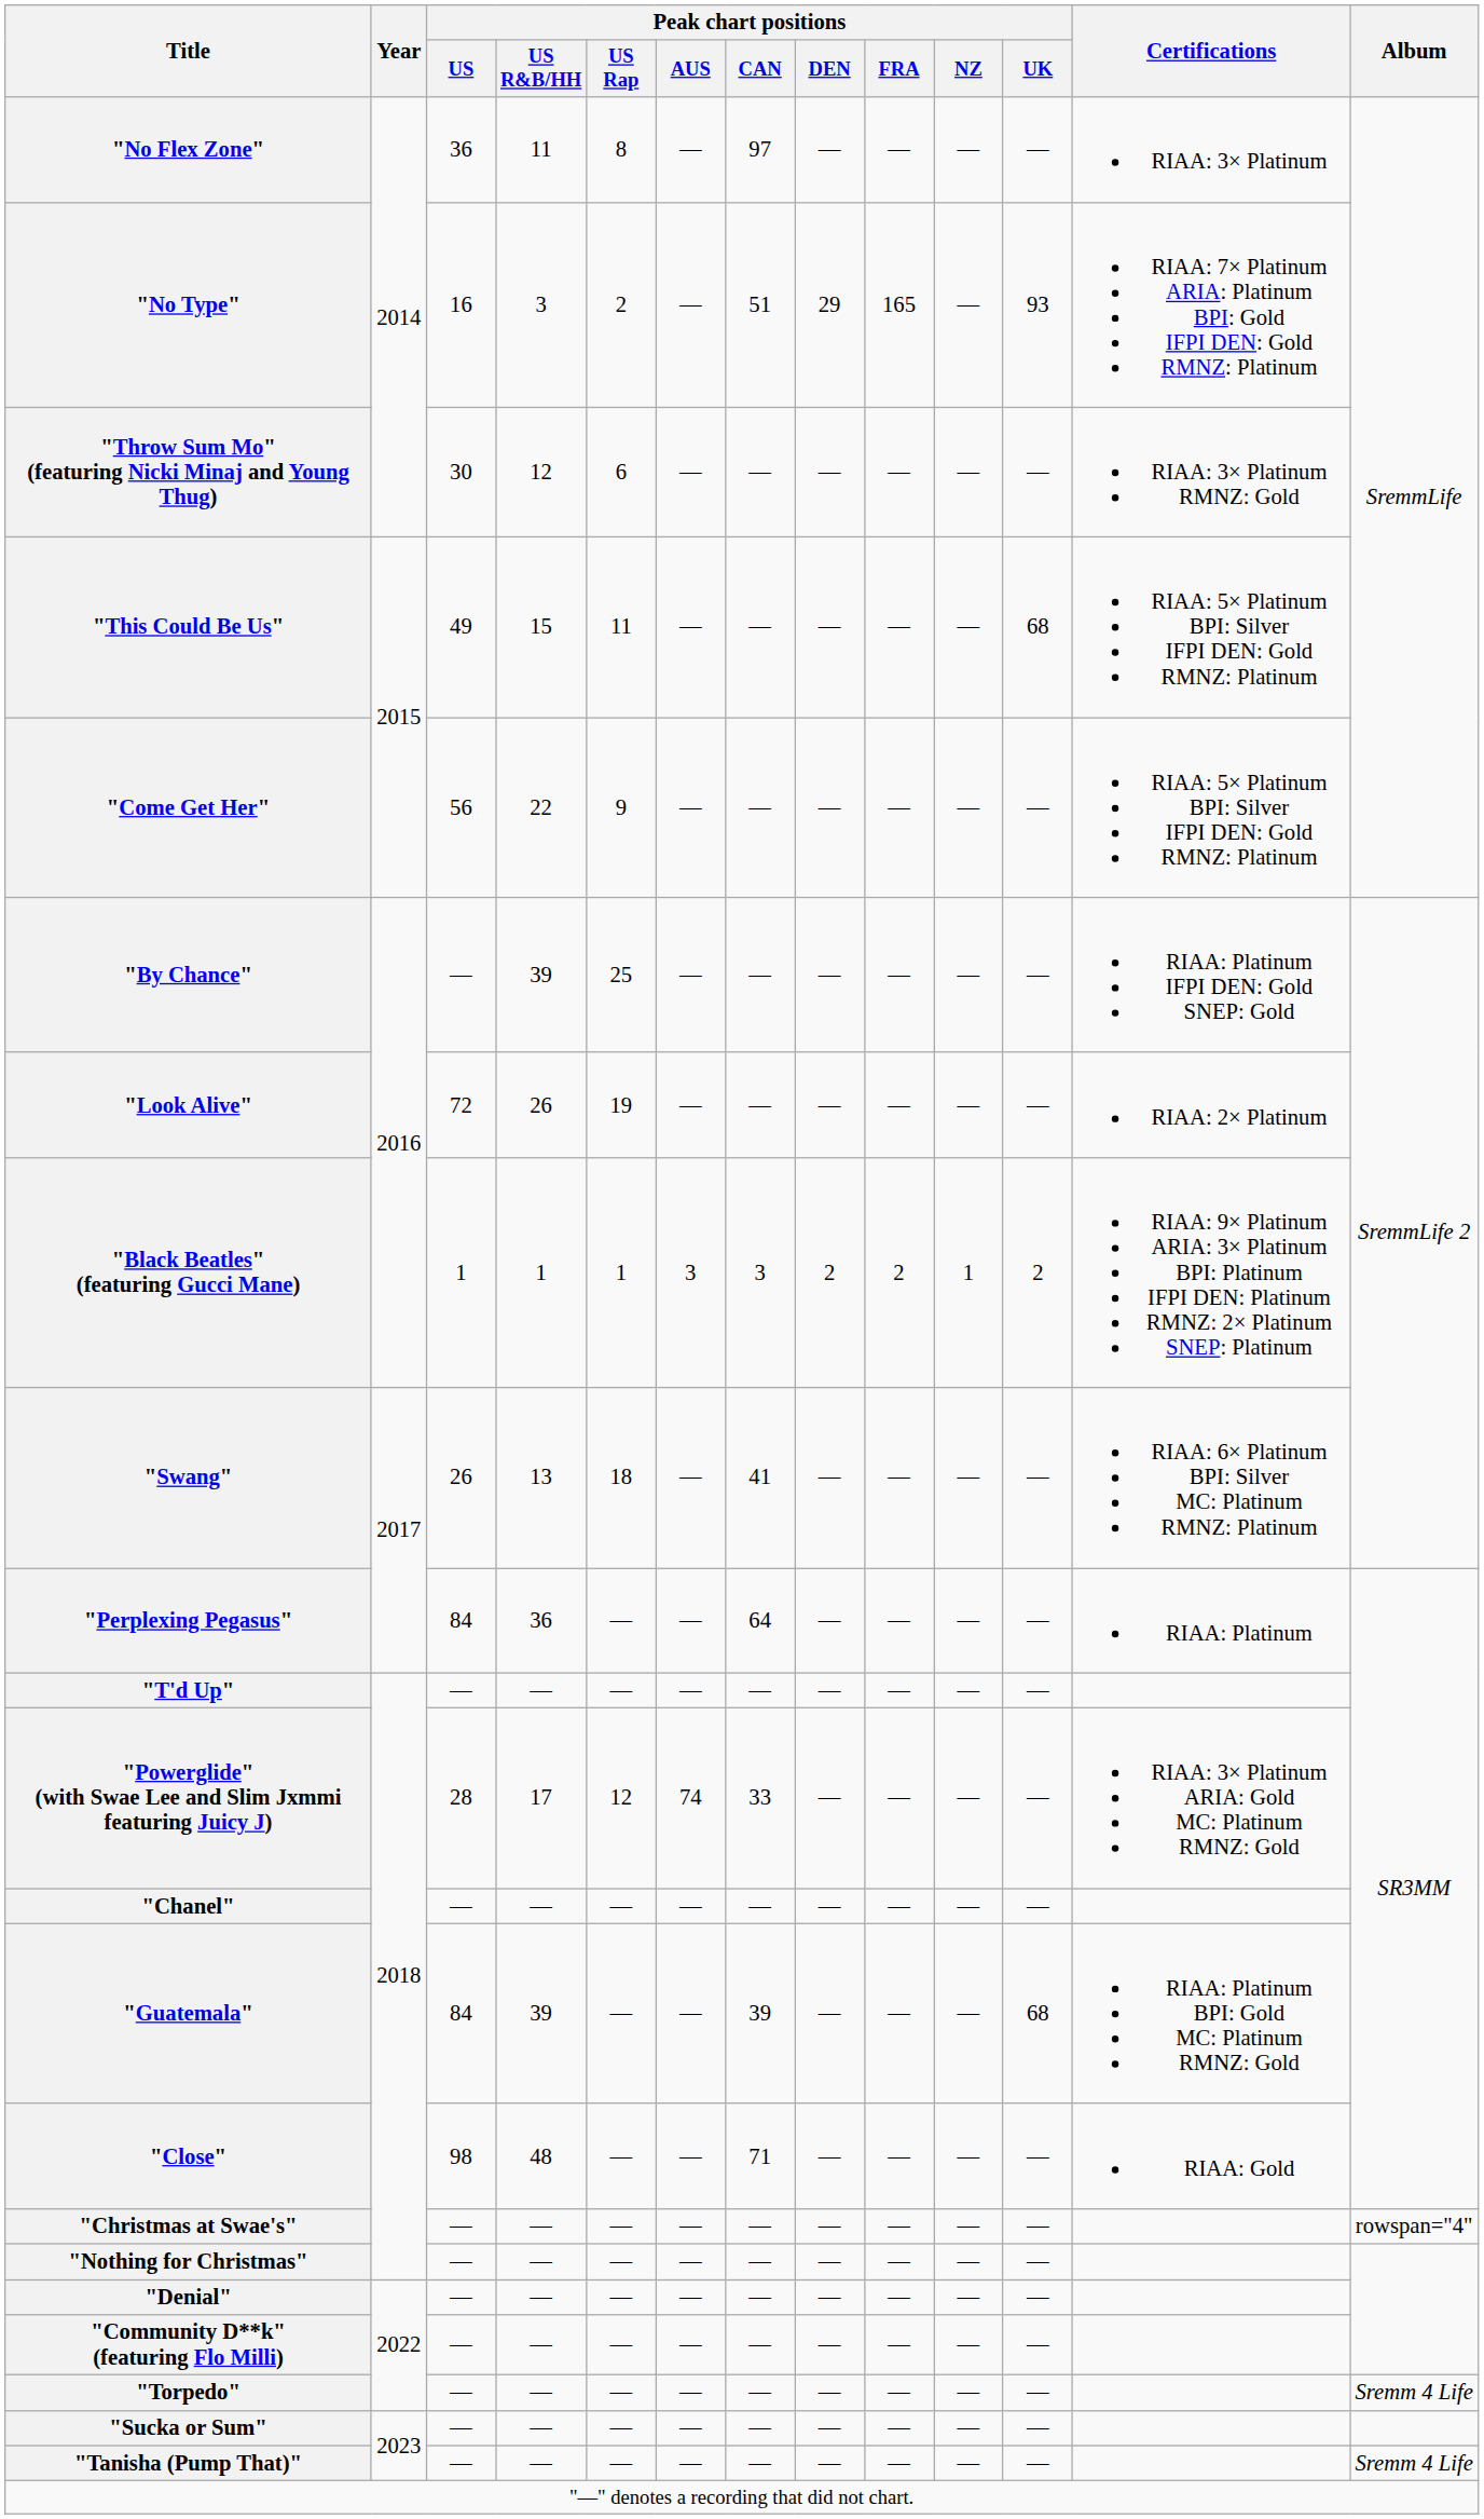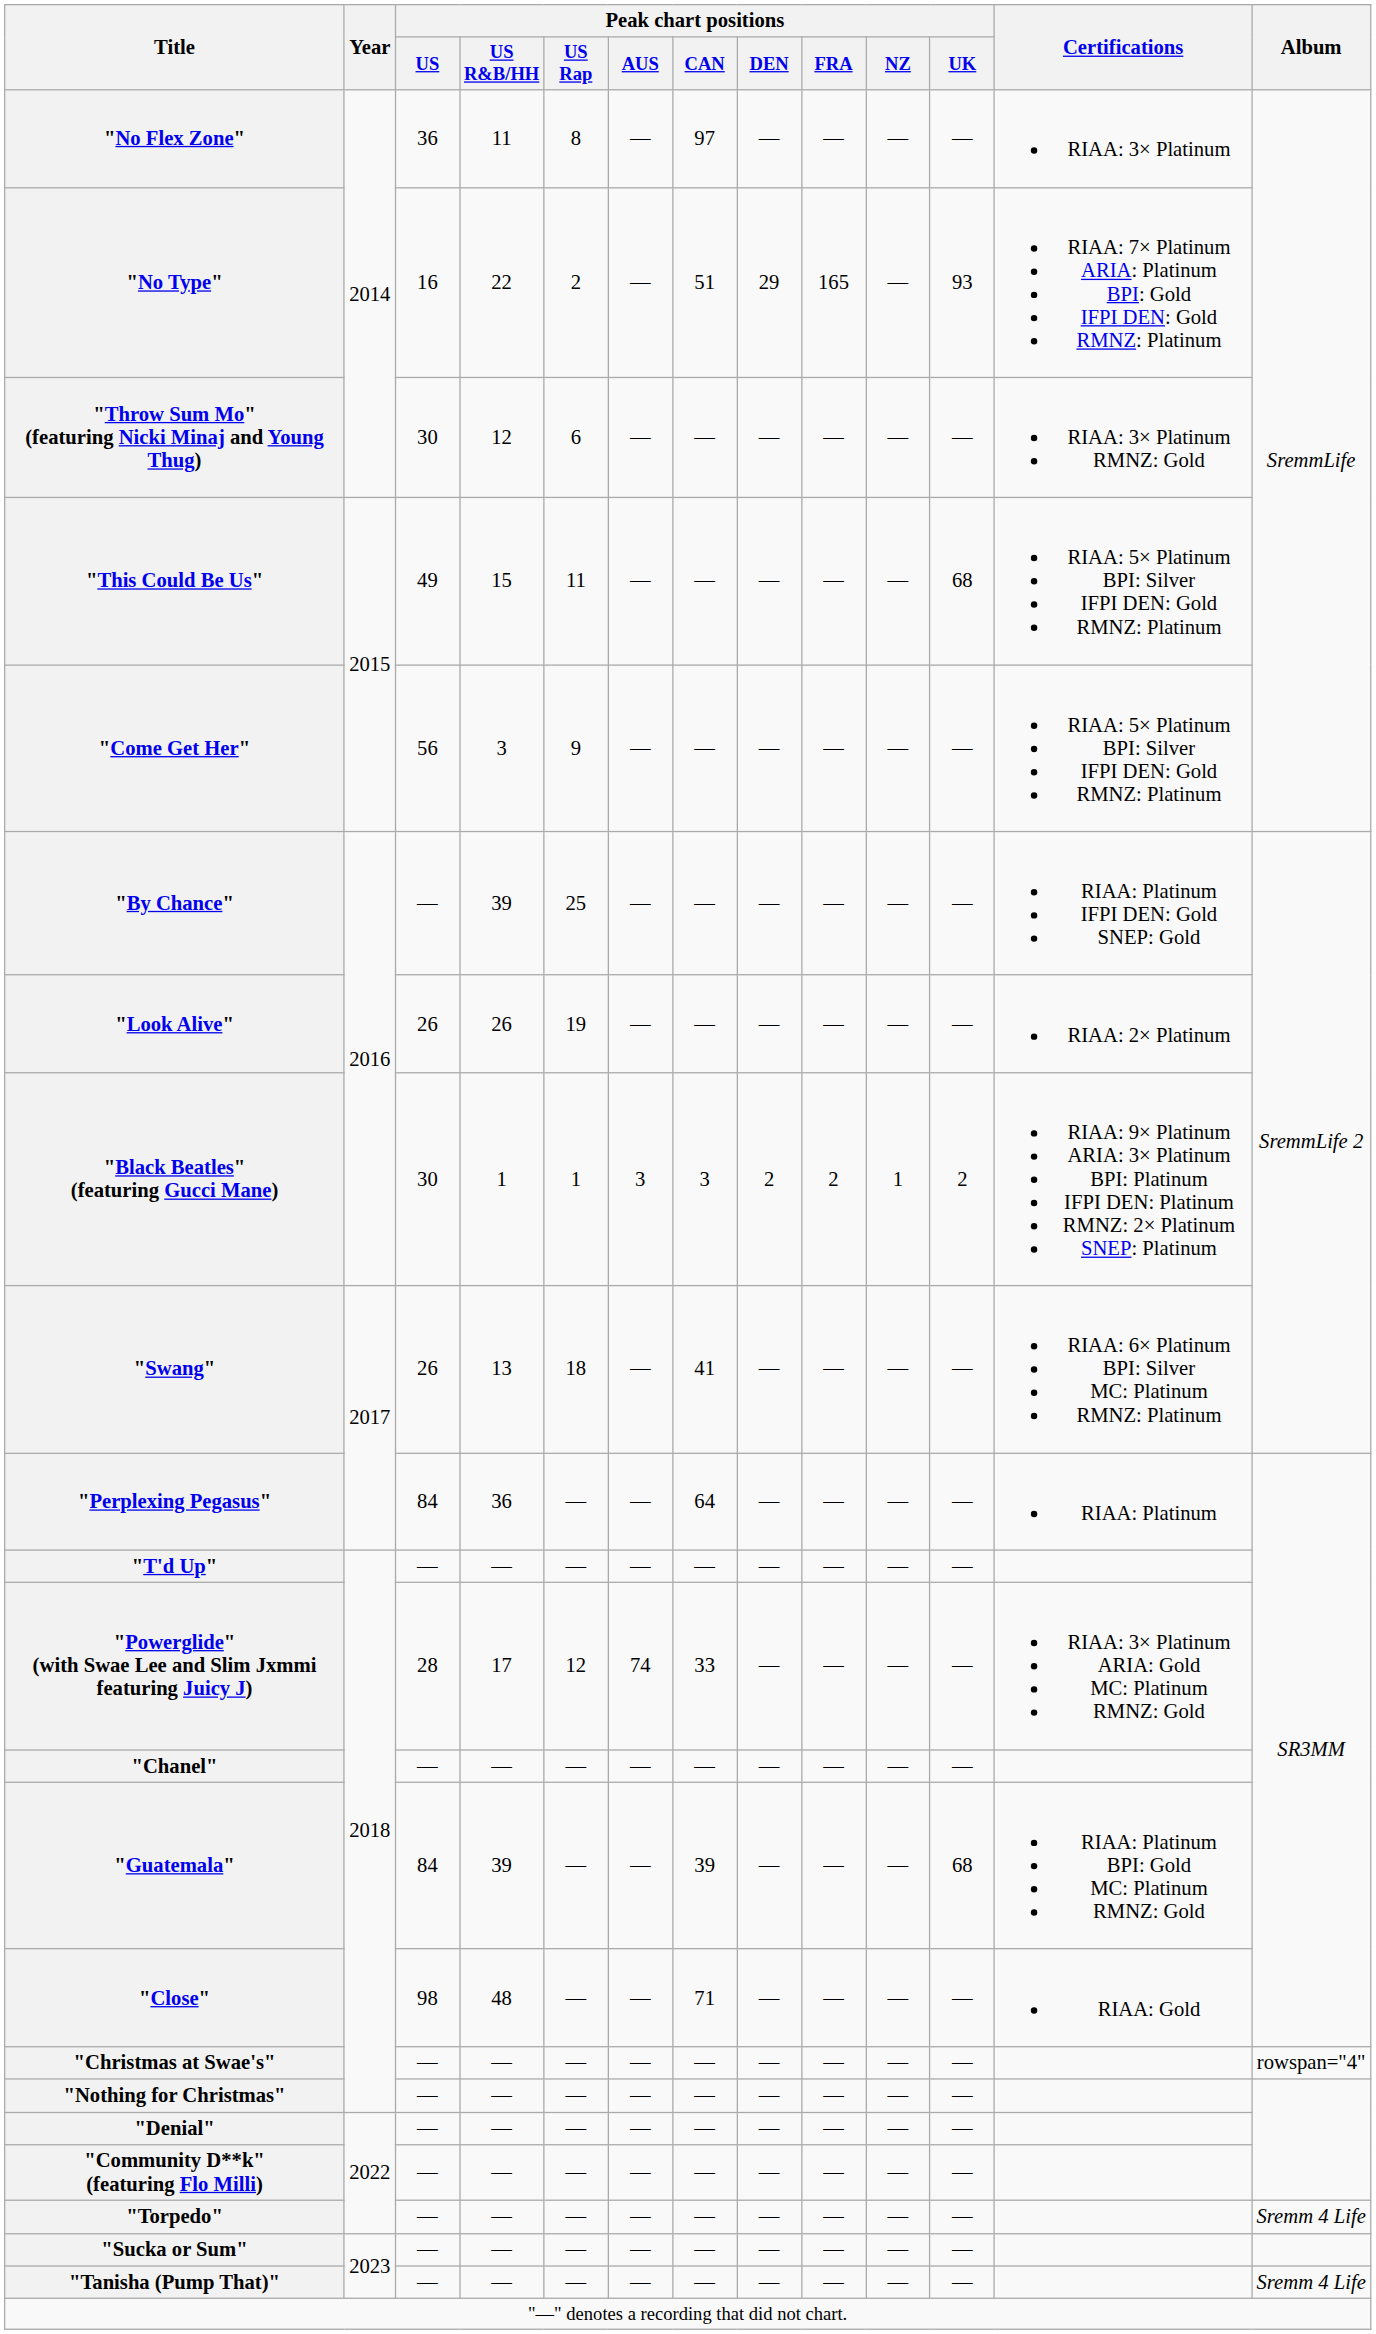 <table class="wikitable plainrowheaders" style="text-align:center;">
 <tr>
 <th scope="col" rowspan="2" style="width:16em;">Title</th>
 <th scope="col" rowspan="2" style="width:1em;">Year</th>
 <th scope="col" colspan="9">Peak chart positions</th>
 <th scope="col" rowspan="2" style="width:12em;"><a href='#'>Certifications</a></th>
 <th scope="col" rowspan="2">Album</th>
 </tr>
 <tr>
 <th scope="col" style="width:3em;font-size:90%;"><a href='#'>US</a><br></th>
 <th scope="col" style="width:3em;font-size:90%;"><a href='#'>US<br>R&B/HH</a><br></th>
 <th scope="col" style="width:3em;font-size:90%;"><a href='#'>US<br>Rap</a><br></th>
 <th scope="col" style="width:3em;font-size:90%;"><a href='#'>AUS</a><br></th>
 <th scope="col" style="width:3em;font-size:90%;"><a href='#'>CAN</a><br></th>
 <th scope="col" style="width:3em;font-size:90%;"><a href='#'>DEN</a><br></th>
 <th scope="col" style="width:3em;font-size:90%;"><a href='#'>FRA</a><br></th>
 <th scope="col" style="width:3em;font-size:90%;"><a href='#'>NZ</a><br></th>
 <th scope="col" style="width:3em;font-size:90%;"><a href='#'>UK</a><br></th>
 </tr>
 <tr>
 <th scope="row">"<a href='#'>No Flex Zone</a>"</th>
 <td rowspan="3">2014</td>
 <td>36</td>
 <td>11</td>
 <td>8</td>
 <td>—</td>
 <td>97</td>
 <td>—</td>
 <td>—</td>
 <td>—</td>
 <td>—</td>
 <td><br><ul><li>RIAA: 3× Platinum</li></ul></td>
 <td rowspan="5"><em>SremmLife</em></td>
 </tr>
 <tr>
 <th scope="row">"<a href='#'>No Type</a>"</th>
 <td>16</td>
-<td>3</td>
+<td>22</td>
 <td>2</td>
 <td>—</td>
 <td>51</td>
 <td>29</td>
 <td>165</td>
 <td>—</td>
 <td>93</td>
 <td><br><ul><li>RIAA: 7× Platinum</li><li><a href='#'>ARIA</a>: Platinum</li><li><a href='#'>BPI</a>: Gold</li><li><a href='#'>IFPI DEN</a>: Gold</li><li><a href='#'>RMNZ</a>: Platinum</li></ul></td>
 </tr>
 <tr>
 <th scope="row">"<a href='#'>Throw Sum Mo</a>"<br><span>(featuring <a href='#'>Nicki Minaj</a> and <a href='#'>Young Thug</a>)</span></th>
 <td>30</td>
 <td>12</td>
 <td>6</td>
 <td>—</td>
 <td>—</td>
 <td>—</td>
 <td>—</td>
 <td>—</td>
 <td>—</td>
 <td><br><ul><li>RIAA: 3× Platinum</li><li>RMNZ: Gold</li></ul></td>
 </tr>
 <tr>
 <th scope="row">"<a href='#'>This Could Be Us</a>"</th>
 <td rowspan="2">2015</td>
 <td>49</td>
 <td>15</td>
 <td>11</td>
 <td>—</td>
 <td>—</td>
 <td>—</td>
 <td>—</td>
 <td>—</td>
 <td>68</td>
 <td><br><ul><li>RIAA: 5× Platinum</li><li>BPI: Silver</li><li>IFPI DEN: Gold</li><li>RMNZ: Platinum</li></ul></td>
 </tr>
 <tr>
 <th scope="row">"<a href='#'>Come Get Her</a>"</th>
 <td>56</td>
-<td>22</td>
+<td>3</td>
 <td>9</td>
 <td>—</td>
 <td>—</td>
 <td>—</td>
 <td>—</td>
 <td>—</td>
 <td>—</td>
 <td><br><ul><li>RIAA: 5× Platinum</li><li>BPI: Silver</li><li>IFPI DEN: Gold</li><li>RMNZ: Platinum</li></ul></td>
 </tr>
 <tr>
 <th scope="row">"<a href='#'>By Chance</a>"</th>
 <td rowspan="3">2016</td>
 <td>—</td>
 <td>39</td>
 <td>25</td>
 <td>—</td>
 <td>—</td>
 <td>—</td>
 <td>—</td>
 <td>—</td>
 <td>—</td>
 <td><br><ul><li>RIAA: Platinum</li><li>IFPI DEN: Gold</li><li>SNEP: Gold</li></ul></td>
 <td rowspan="4"><em>SremmLife 2</em></td>
 </tr>
 <tr>
 <th scope="row">"<a href='#'>Look Alive</a>"</th>
-<td>72</td>
+<td>26</td>
 <td>26</td>
 <td>19</td>
 <td>—</td>
 <td>—</td>
 <td>—</td>
 <td>—</td>
 <td>—</td>
 <td>—</td>
 <td><br><ul><li>RIAA: 2× Platinum</li></ul></td>
 </tr>
 <tr>
 <th scope="row">"<a href='#'>Black Beatles</a>"<br><span>(featuring <a href='#'>Gucci Mane</a>)</span></th>
-<td>1</td>
+<td>30</td>
 <td>1</td>
 <td>1</td>
 <td>3</td>
 <td>3</td>
 <td>2</td>
 <td>2</td>
 <td>1</td>
 <td>2</td>
 <td><br><ul><li>RIAA: 9× Platinum</li><li>ARIA: 3× Platinum</li><li>BPI: Platinum</li><li>IFPI DEN: Platinum</li><li>RMNZ: 2× Platinum</li><li><a href='#'>SNEP</a>: Platinum</li></ul></td>
 </tr>
 <tr>
 <th scope="row">"<a href='#'>Swang</a>"</th>
 <td rowspan="2">2017</td>
 <td>26</td>
 <td>13</td>
 <td>18</td>
 <td>—</td>
 <td>41</td>
 <td>—</td>
 <td>—</td>
 <td>—</td>
 <td>—</td>
 <td><br><ul><li>RIAA: 6× Platinum</li><li>BPI: Silver</li><li>MC: Platinum</li><li>RMNZ: Platinum</li></ul></td>
 </tr>
 <tr>
 <th scope="row">"<a href='#'>Perplexing Pegasus</a>"</th>
 <td>84</td>
 <td>36</td>
 <td>—</td>
 <td>—</td>
 <td>64</td>
 <td>—</td>
 <td>—</td>
 <td>—</td>
 <td>—</td>
 <td><br><ul><li>RIAA: Platinum</li></ul></td>
 <td rowspan="6"><em>SR3MM</em></td>
 </tr>
 <tr>
 <th scope="row">"<a href='#'>T'd Up</a>"</th>
 <td rowspan="7">2018</td>
 <td>—</td>
 <td>—</td>
 <td>—</td>
 <td>—</td>
 <td>—</td>
 <td>—</td>
 <td>—</td>
 <td>—</td>
 <td>—</td>
 <td></td>
 </tr>
 <tr>
 <th scope="row">"<a href='#'>Powerglide</a>"<br><span>(with Swae Lee and Slim Jxmmi featuring <a href='#'>Juicy J</a>)</span></th>
 <td>28</td>
 <td>17</td>
 <td>12</td>
 <td>74</td>
 <td>33</td>
 <td>—</td>
 <td>—</td>
 <td>—</td>
 <td>—</td>
 <td><br><ul><li>RIAA: 3× Platinum</li><li>ARIA: Gold</li><li>MC: Platinum</li><li>RMNZ: Gold</li></ul></td>
 </tr>
 <tr>
 <th scope="row">"Chanel"<br></th>
 <td>—</td>
 <td>—</td>
 <td>—</td>
 <td>—</td>
 <td>—</td>
 <td>—</td>
 <td>—</td>
 <td>—</td>
 <td>—</td>
 <td></td>
 </tr>
 <tr>
 <th scope="row">"<a href='#'>Guatemala</a>"<br></th>
 <td>84</td>
 <td>39</td>
 <td>—</td>
 <td>—</td>
 <td>39</td>
 <td>—</td>
 <td>—</td>
 <td>—</td>
 <td>68</td>
 <td><br><ul><li>RIAA: Platinum</li><li>BPI: Gold</li><li>MC: Platinum</li><li>RMNZ: Gold</li></ul></td>
 </tr>
 <tr>
 <th scope="row">"<a href='#'>Close</a>"<br></th>
 <td>98</td>
 <td>48</td>
 <td>—</td>
 <td>—</td>
 <td>71</td>
 <td>—</td>
 <td>—</td>
 <td>—</td>
 <td>—</td>
 <td><br><ul><li>RIAA: Gold</li></ul></td>
 </tr>
 <tr>
 <th scope="row">"Christmas at Swae's"</th>
 <td>—</td>
 <td>—</td>
 <td>—</td>
 <td>—</td>
 <td>—</td>
 <td>—</td>
 <td>—</td>
 <td>—</td>
 <td>—</td>
 <td></td>
 <td>rowspan="4" </td>
 </tr>
 <tr>
 <th scope="row">"Nothing for Christmas"</th>
 <td>—</td>
 <td>—</td>
 <td>—</td>
 <td>—</td>
 <td>—</td>
 <td>—</td>
 <td>—</td>
 <td>—</td>
 <td>—</td>
 <td></td>
 </tr>
 <tr>
 <th scope="row">"Denial"</th>
 <td rowspan="3">2022</td>
 <td>—</td>
 <td>—</td>
 <td>—</td>
 <td>—</td>
 <td>—</td>
 <td>—</td>
 <td>—</td>
 <td>—</td>
 <td>—</td>
 <td></td>
 </tr>
 <tr>
 <th scope="row">"Community D**k"<br><span>(featuring <a href='#'>Flo Milli</a>)</span></th>
 <td>—</td>
 <td>—</td>
 <td>—</td>
 <td>—</td>
 <td>—</td>
 <td>—</td>
 <td>—</td>
 <td>—</td>
 <td>—</td>
 <td></td>
 </tr>
 <tr>
 <th scope="row">"Torpedo"</th>
 <td>—</td>
 <td>—</td>
 <td>—</td>
 <td>—</td>
 <td>—</td>
 <td>—</td>
 <td>—</td>
 <td>—</td>
 <td>—</td>
 <td></td>
 <td><em>Sremm 4 Life</em></td>
 </tr>
 <tr>
 <th scope="row">"Sucka or Sum"</th>
 <td rowspan="2">2023</td>
 <td>—</td>
 <td>—</td>
 <td>—</td>
 <td>—</td>
 <td>—</td>
 <td>—</td>
 <td>—</td>
 <td>—</td>
 <td>—</td>
 <td></td>
 <td></td>
 </tr>
 <tr>
 <th scope="row">"Tanisha (Pump That)"</th>
 <td>—</td>
 <td>—</td>
 <td>—</td>
 <td>—</td>
 <td>—</td>
 <td>—</td>
 <td>—</td>
 <td>—</td>
 <td>—</td>
 <td></td>
 <td><em>Sremm 4 Life</em></td>
 </tr>
 <tr>
 <td colspan="13" style="font-size:90%">"—" denotes a recording that did not chart.</td>
 </tr>
 </table>
